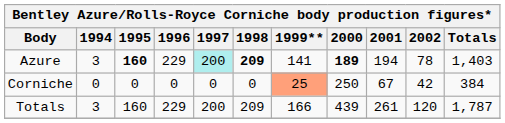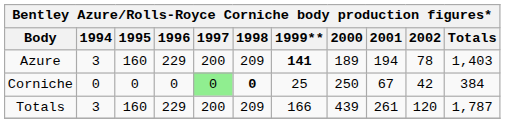 <table class="wikitable" style="text-align:center; font-size:90%;">
 <tr>
 <th colspan=15>Bentley Azure/Rolls-Royce Corniche body production figures*</th>
 </tr>
 <tr>
 <th>Body</th>
 <th>1994</th>
 <th>1995</th>
 <th>1996</th>
 <th>1997</th>
 <th>1998</th>
 <th>1999**</th>
 <th>2000</th>
 <th>2001</th>
 <th>2002</th>
 <th>Totals</th>
 </tr>
 <tr>
 <td>Azure</td>
 <td>3</td>
-<td><strong>160</strong></td>
+<td>160</td>
 <td>229</td>
-<td style="background: paleturquoise;">200</td>
-<td><strong>209</strong></td>
-<td>141</td>
-<td><strong>189</strong></td>
+<td>200</td>
+<td>209</td>
+<td><strong>141</strong></td>
+<td>189</td>
 <td>194</td>
 <td>78</td>
 <td>1,403</td>
 </tr>
 <tr>
 <td>Corniche</td>
 <td>0</td>
 <td>0</td>
 <td>0</td>
-<td>0</td>
-<td>0</td>
-<td style="background: lightsalmon;">25</td>
+<td style="background: lightgreen;">0</td>
+<td><strong>0</strong></td>
+<td>25</td>
 <td>250</td>
 <td>67</td>
 <td>42</td>
 <td>384</td>
 </tr>
 <tr>
 <td>Totals</td>
 <td>3</td>
 <td>160</td>
 <td>229</td>
 <td>200</td>
 <td>209</td>
 <td>166</td>
 <td>439</td>
 <td>261</td>
 <td>120</td>
 <td>1,787</td>
 </tr>
 <tr>
 </tr>
 </table>
